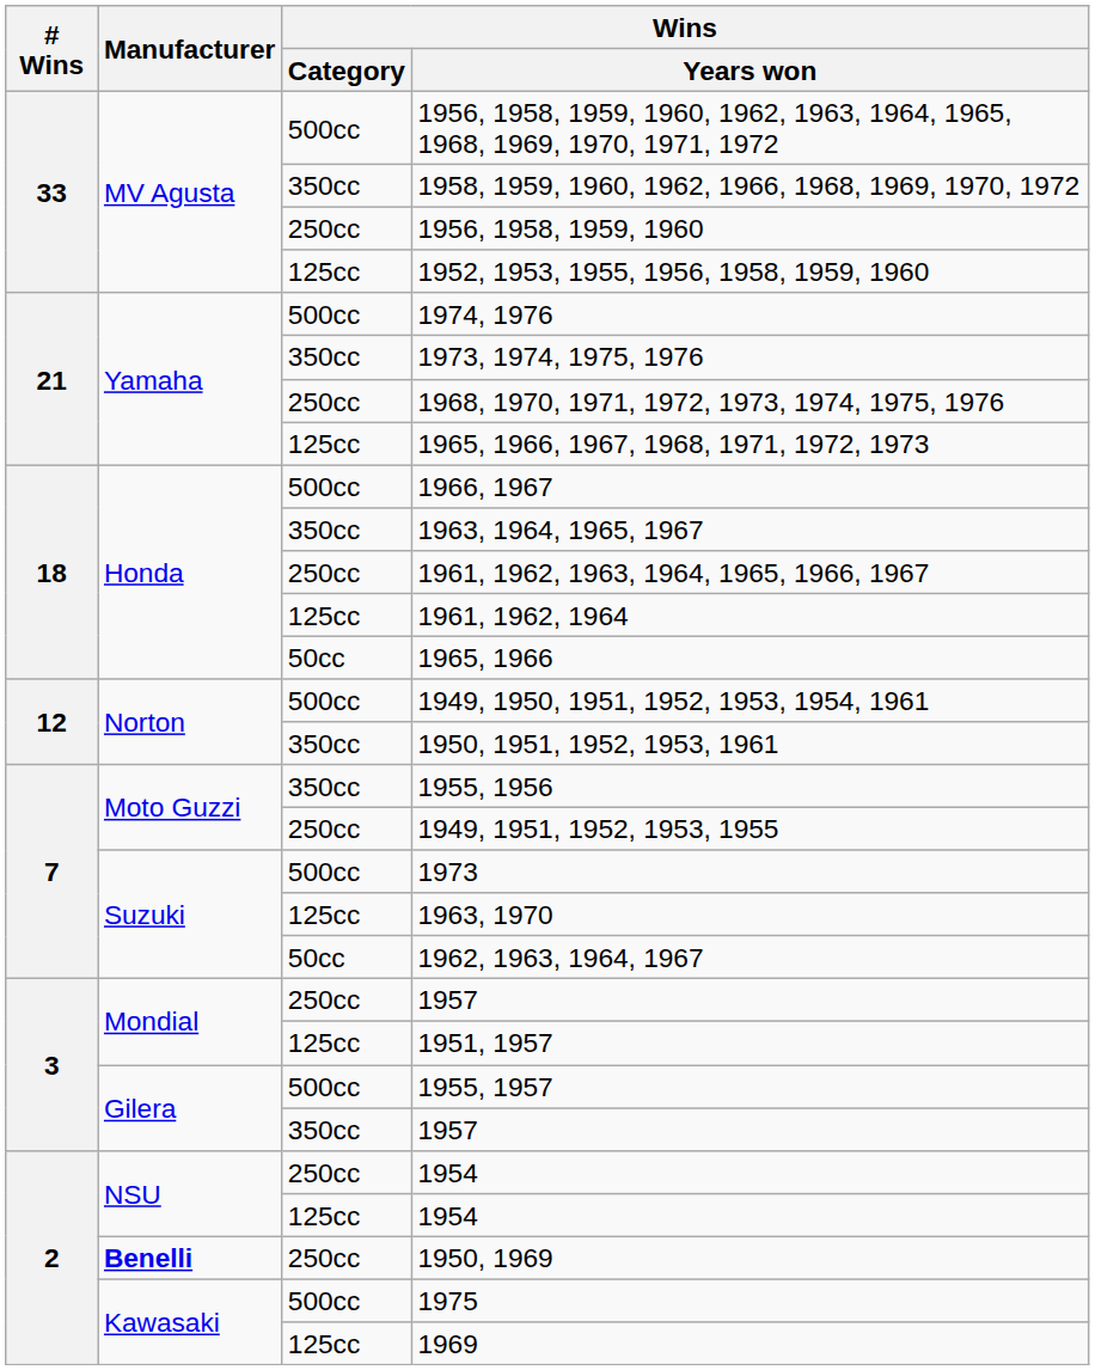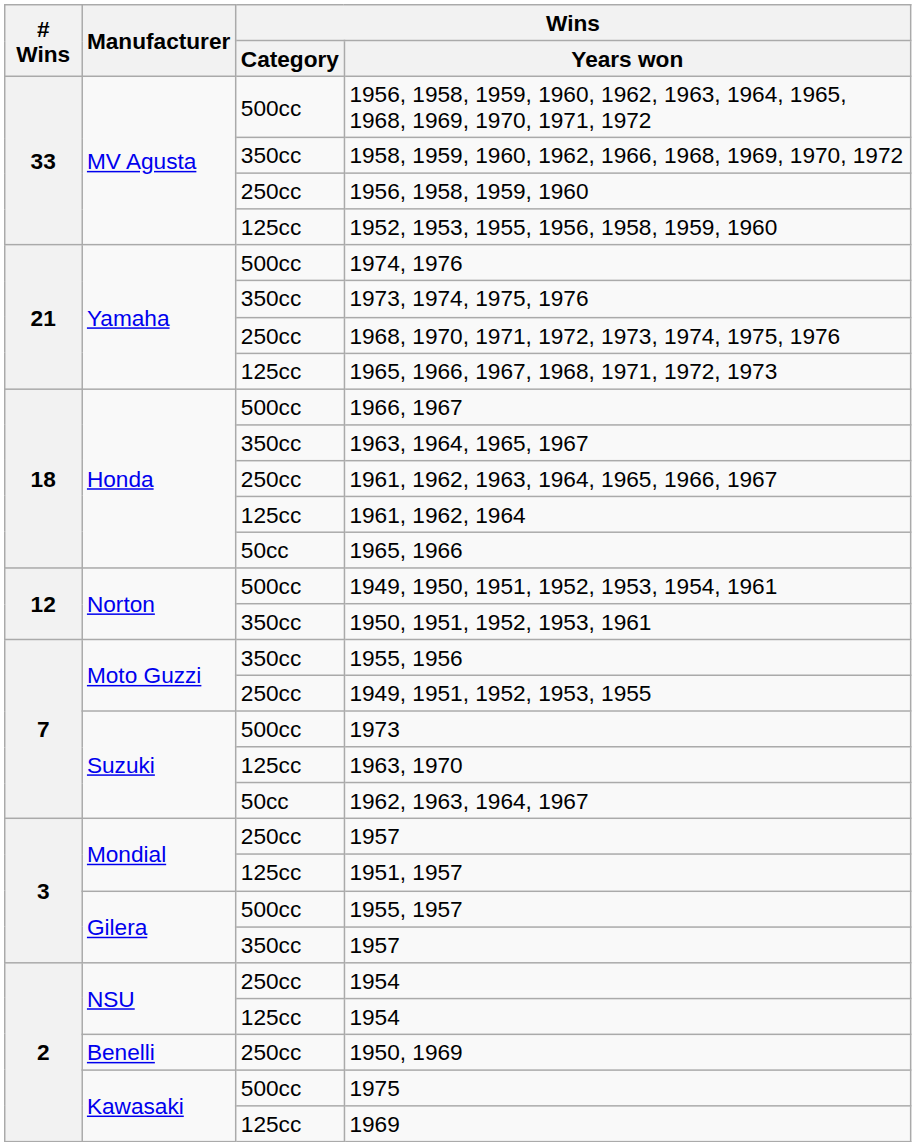 <table class="wikitable" style="font-size: 95%;">
 <tr>
 <th rowspan=2># Wins</th>
 <th rowspan=2>Manufacturer</th>
 <th colspan=2>Wins</th>
 </tr>
 <tr>
 <th>Category</th>
 <th>Years won</th>
 </tr>
 <tr>
 <th rowspan=4>33</th>
 <td rowspan=4> <a href='#'>MV Agusta</a></td>
 <td>500cc</td>
 <td>1956, 1958, 1959, 1960, 1962, 1963, 1964, 1965, 1968, 1969, 1970, 1971, 1972</td>
 </tr>
 <tr>
 <td>350cc</td>
 <td>1958, 1959, 1960, 1962, 1966, 1968, 1969, 1970, 1972</td>
 </tr>
 <tr>
 <td>250cc</td>
 <td>1956, 1958, 1959, 1960</td>
 </tr>
 <tr>
 <td>125cc</td>
 <td>1952, 1953, 1955, 1956, 1958, 1959, 1960</td>
 </tr>
 <tr>
 <th rowspan=4>21</th>
 <td rowspan=4> <a href='#'>Yamaha</a></td>
 <td>500cc</td>
 <td>1974, 1976</td>
 </tr>
 <tr>
 <td>350cc</td>
 <td>1973, 1974, 1975, 1976</td>
 </tr>
 <tr>
 <td>250cc</td>
 <td>1968, 1970, 1971, 1972, 1973, 1974, 1975, 1976</td>
 </tr>
 <tr>
 <td>125cc</td>
 <td>1965, 1966, 1967, 1968, 1971, 1972, 1973</td>
 </tr>
 <tr>
 <th rowspan=5>18</th>
 <td rowspan=5> <a href='#'>Honda</a></td>
 <td>500cc</td>
 <td>1966, 1967</td>
 </tr>
 <tr>
 <td>350cc</td>
 <td>1963, 1964, 1965, 1967</td>
 </tr>
 <tr>
 <td>250cc</td>
 <td>1961, 1962, 1963, 1964, 1965, 1966, 1967</td>
 </tr>
 <tr>
 <td>125cc</td>
 <td>1961, 1962, 1964</td>
 </tr>
 <tr>
 <td>50cc</td>
 <td>1965, 1966</td>
 </tr>
 <tr>
 <th rowspan=2>12</th>
 <td rowspan=2> <a href='#'>Norton</a></td>
 <td>500cc</td>
 <td>1949, 1950, 1951, 1952, 1953, 1954, 1961</td>
 </tr>
 <tr>
 <td>350cc</td>
 <td>1950, 1951, 1952, 1953, 1961</td>
 </tr>
 <tr>
 <th rowspan=5>7</th>
 <td rowspan=2> <a href='#'>Moto Guzzi</a></td>
 <td>350cc</td>
 <td>1955, 1956</td>
 </tr>
 <tr>
 <td>250cc</td>
 <td>1949, 1951, 1952, 1953, 1955</td>
 </tr>
 <tr>
 <td rowspan=3> <a href='#'>Suzuki</a></td>
 <td>500cc</td>
 <td>1973</td>
 </tr>
 <tr>
 <td>125cc</td>
 <td>1963, 1970</td>
 </tr>
 <tr>
 <td>50cc</td>
 <td>1962, 1963, 1964, 1967</td>
 </tr>
 <tr>
 <th rowspan=4>3</th>
 <td rowspan=2> <a href='#'>Mondial</a></td>
 <td>250cc</td>
 <td>1957</td>
 </tr>
 <tr>
 <td>125cc</td>
 <td>1951, 1957</td>
 </tr>
 <tr>
 <td rowspan=2> <a href='#'>Gilera</a></td>
 <td>500cc</td>
 <td>1955, 1957</td>
 </tr>
 <tr>
 <td>350cc</td>
 <td>1957</td>
 </tr>
 <tr>
 <th rowspan=5>2</th>
 <td rowspan=2> <a href='#'>NSU</a></td>
 <td>250cc</td>
 <td>1954</td>
 </tr>
 <tr>
 <td>125cc</td>
 <td>1954</td>
 </tr>
 <tr>
-<td><strong> <a href='#'>Benelli</a></strong></td>
+<td> <a href='#'>Benelli</a></td>
 <td>250cc</td>
 <td>1950, 1969</td>
 </tr>
 <tr>
 <td rowspan=2> <a href='#'>Kawasaki</a></td>
 <td>500cc</td>
 <td>1975</td>
 </tr>
 <tr>
 <td>125cc</td>
 <td>1969</td>
 </tr>
 </table>
